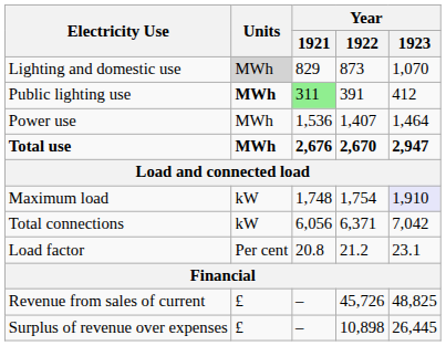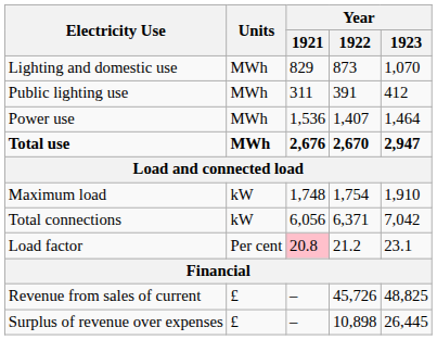 <table class="wikitable">
 <tr>
 <th rowspan="2">Electricity Use</th>
 <th rowspan="2">Units</th>
 <th colspan="3">Year</th>
 </tr>
 <tr>
 <th>1921</th>
 <th>1922</th>
 <th>1923</th>
 </tr>
 <tr>
 <td>Lighting and domestic use</td>
-<td style="background: lightgrey;">MWh</td>
+<td>MWh</td>
 <td>829</td>
 <td>873</td>
 <td>1,070</td>
 </tr>
 <tr>
 <td>Public lighting use</td>
-<td><strong>MWh</strong></td>
-<td style="background: lightgreen;">311</td>
+<td>MWh</td>
+<td>311</td>
 <td>391</td>
 <td>412</td>
 </tr>
 <tr>
 <td>Power use</td>
 <td>MWh</td>
 <td>1,536</td>
 <td>1,407</td>
 <td>1,464</td>
 </tr>
 <tr>
 <td><strong>Total use</strong></td>
 <td><strong>MWh</strong></td>
 <td><strong>2,676</strong></td>
 <td><strong>2,670</strong></td>
 <td><strong>2,947</strong></td>
 </tr>
 <tr>
 <th colspan="5">Load and connected load</th>
 </tr>
 <tr>
 <td>Maximum load</td>
 <td>kW</td>
 <td>1,748</td>
 <td>1,754</td>
-<td style="background: lavender;">1,910</td>
+<td>1,910</td>
 </tr>
 <tr>
 <td>Total connections</td>
 <td>kW</td>
 <td>6,056</td>
 <td>6,371</td>
 <td>7,042</td>
 </tr>
 <tr>
 <td>Load factor</td>
 <td>Per cent</td>
-<td>20.8</td>
+<td style="background: pink;">20.8</td>
 <td>21.2</td>
 <td>23.1</td>
 </tr>
 <tr>
 <th colspan="5">Financial</th>
 </tr>
 <tr>
 <td>Revenue from sales of current</td>
 <td>£</td>
 <td>–</td>
 <td>45,726</td>
 <td>48,825</td>
 </tr>
 <tr>
 <td>Surplus of revenue over expenses</td>
 <td>£</td>
 <td>–</td>
 <td>10,898</td>
 <td>26,445</td>
 </tr>
 </table>
